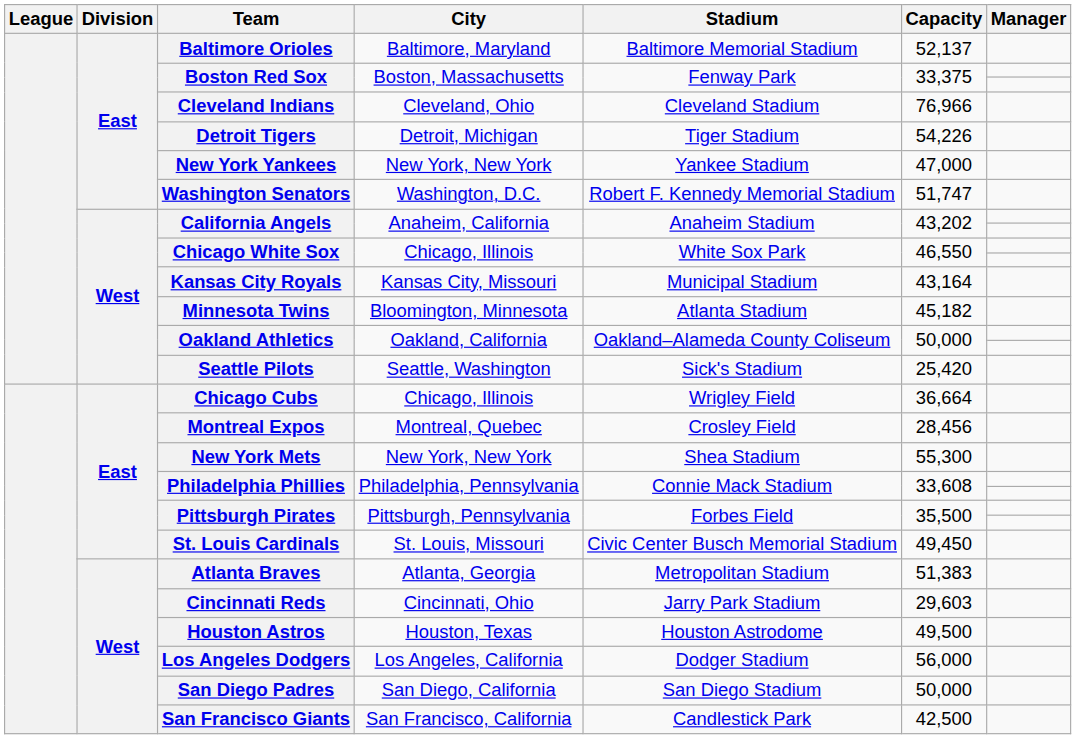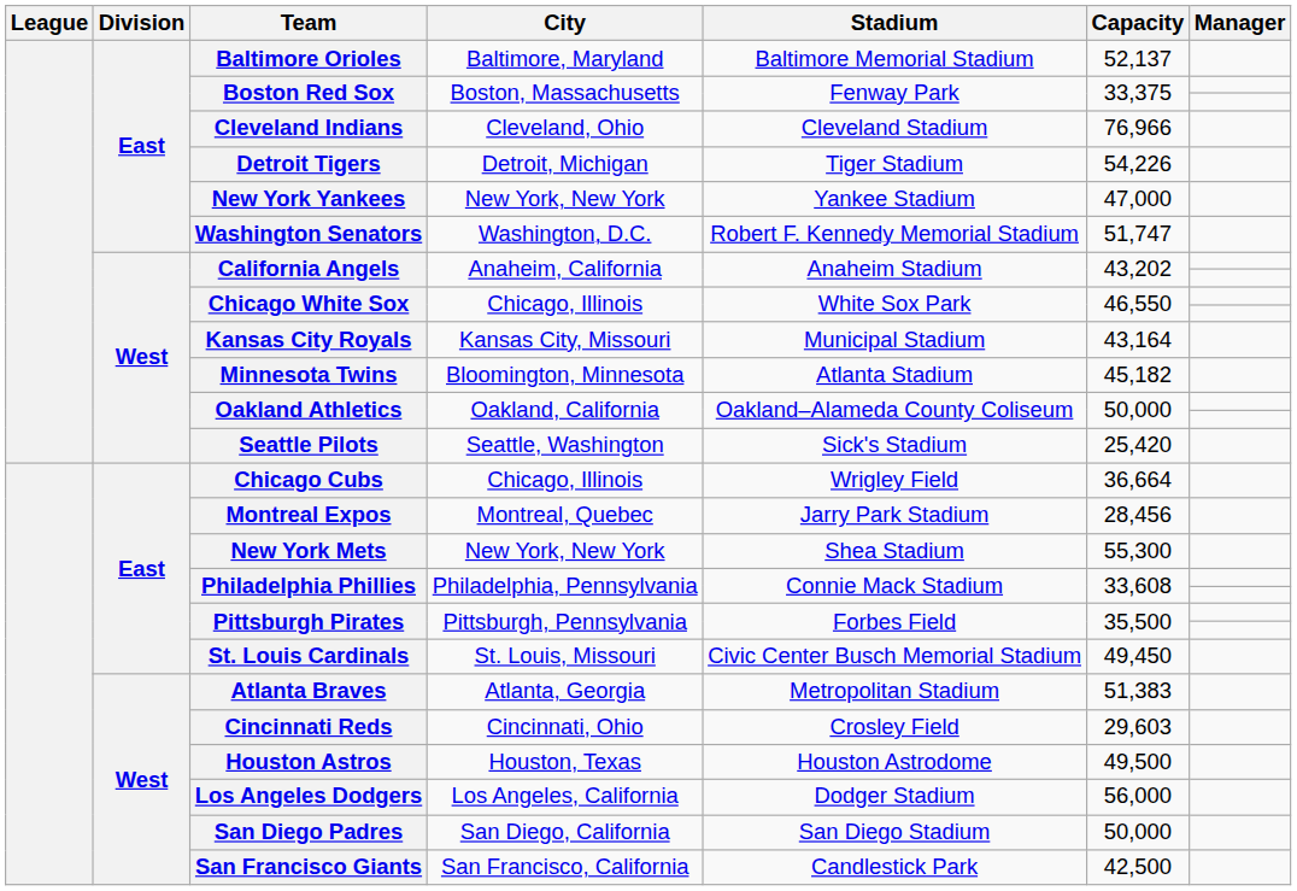 <table class="wikitable sortable plainrowheaders" style="text-align:center;">
 <tr>
 <th scope="col">League</th>
 <th scope="col">Division</th>
 <th scope="col">Team</th>
 <th scope="col">City</th>
 <th scope="col">Stadium</th>
 <th scope="col">Capacity</th>
 <th scope="col">Manager</th>
 </tr>
 <tr>
 <th rowspan="16"></th>
 <th rowspan="7"><a href='#'>East</a></th>
 <th scope="row"><a href='#'>Baltimore Orioles</a></th>
 <td><a href='#'>Baltimore, Maryland</a></td>
 <td><a href='#'>Baltimore Memorial Stadium</a></td>
 <td>52,137</td>
 <td></td>
 </tr>
 <tr>
 <th rowspan="2" scope="row"><a href='#'>Boston Red Sox</a></th>
 <td rowspan="2"><a href='#'>Boston, Massachusetts</a></td>
 <td rowspan="2"><a href='#'>Fenway Park</a></td>
 <td rowspan="2">33,375</td>
 <td></td>
 </tr>
 <tr>
 <td></td>
 </tr>
 <tr>
 <th scope="row"><a href='#'>Cleveland Indians</a></th>
 <td><a href='#'>Cleveland, Ohio</a></td>
 <td><a href='#'>Cleveland Stadium</a></td>
 <td>76,966</td>
 <td></td>
 </tr>
 <tr>
 <th scope="row"><a href='#'>Detroit Tigers</a></th>
 <td><a href='#'>Detroit, Michigan</a></td>
 <td><a href='#'>Tiger Stadium</a></td>
 <td>54,226</td>
 <td></td>
 </tr>
 <tr>
 <th scope="row"><a href='#'>New York Yankees</a></th>
 <td><a href='#'>New York, New York</a></td>
 <td><a href='#'>Yankee Stadium</a></td>
 <td>47,000</td>
 <td></td>
 </tr>
 <tr>
 <th scope="row"><a href='#'>Washington Senators</a></th>
 <td><a href='#'>Washington, D.C.</a></td>
 <td><a href='#'>Robert F. Kennedy Memorial Stadium</a></td>
 <td>51,747</td>
 <td></td>
 </tr>
 <tr>
 <th rowspan="9"><a href='#'>West</a></th>
 <th rowspan="2" scope="row"><a href='#'>California Angels</a></th>
 <td rowspan="2"><a href='#'>Anaheim, California</a></td>
 <td rowspan="2"><a href='#'>Anaheim Stadium</a></td>
 <td rowspan="2">43,202</td>
 <td></td>
 </tr>
 <tr>
 <td></td>
 </tr>
 <tr>
 <th rowspan="2" scope="row"><a href='#'>Chicago White Sox</a></th>
 <td rowspan="2"><a href='#'>Chicago, Illinois</a></td>
 <td rowspan="2"><a href='#'>White Sox Park</a></td>
 <td rowspan="2">46,550</td>
 <td></td>
 </tr>
 <tr>
 <td></td>
 </tr>
 <tr>
 <th scope="row"><a href='#'>Kansas City Royals</a></th>
 <td><a href='#'>Kansas City, Missouri</a></td>
 <td><a href='#'>Municipal Stadium</a></td>
 <td>43,164</td>
 <td></td>
 </tr>
 <tr>
 <th scope="row"><a href='#'>Minnesota Twins</a></th>
 <td><a href='#'>Bloomington, Minnesota</a></td>
 <td><a href='#'>Atlanta Stadium</a></td>
 <td>45,182</td>
 <td></td>
 </tr>
 <tr>
 <th rowspan="2" scope="row"><a href='#'>Oakland Athletics</a></th>
 <td rowspan="2"><a href='#'>Oakland, California</a></td>
 <td rowspan="2"><a href='#'>Oakland–Alameda County Coliseum</a></td>
 <td rowspan="2">50,000</td>
 <td></td>
 </tr>
 <tr>
 <td></td>
 </tr>
 <tr>
 <th scope="row"><a href='#'>Seattle Pilots</a></th>
 <td><a href='#'>Seattle, Washington</a></td>
 <td><a href='#'>Sick's Stadium</a></td>
 <td>25,420</td>
 <td></td>
 </tr>
 <tr>
 <th rowspan="14"></th>
 <th rowspan="8"><a href='#'>East</a></th>
 <th scope="row"><a href='#'>Chicago Cubs</a></th>
 <td><a href='#'>Chicago, Illinois</a></td>
 <td><a href='#'>Wrigley Field</a></td>
 <td>36,664</td>
 <td></td>
 </tr>
 <tr>
 <th scope="row"><a href='#'>Montreal Expos</a></th>
 <td><a href='#'>Montreal, Quebec</a></td>
-<td><a href='#'>Crosley Field</a></td>
+<td><a href='#'>Jarry Park Stadium</a></td>
 <td>28,456</td>
 <td></td>
 </tr>
 <tr>
 <th scope="row"><a href='#'>New York Mets</a></th>
 <td><a href='#'>New York, New York</a></td>
 <td><a href='#'>Shea Stadium</a></td>
 <td>55,300</td>
 <td></td>
 </tr>
 <tr>
 <th rowspan="2" scope="row"><a href='#'>Philadelphia Phillies</a></th>
 <td rowspan="2"><a href='#'>Philadelphia, Pennsylvania</a></td>
 <td rowspan="2"><a href='#'>Connie Mack Stadium</a></td>
 <td rowspan="2">33,608</td>
 <td></td>
 </tr>
 <tr>
 <td></td>
 </tr>
 <tr>
 <th rowspan="2" scope="row"><a href='#'>Pittsburgh Pirates</a></th>
 <td rowspan="2"><a href='#'>Pittsburgh, Pennsylvania</a></td>
 <td rowspan="2"><a href='#'>Forbes Field</a></td>
 <td rowspan="2">35,500</td>
 <td></td>
 </tr>
 <tr>
 <td></td>
 </tr>
 <tr>
 <th scope="row"><a href='#'>St. Louis Cardinals</a></th>
 <td><a href='#'>St. Louis, Missouri</a></td>
 <td><a href='#'>Civic Center Busch Memorial Stadium</a></td>
 <td>49,450</td>
 <td></td>
 </tr>
 <tr>
 <th rowspan="6"><a href='#'>West</a></th>
 <th scope="row"><a href='#'>Atlanta Braves</a></th>
 <td><a href='#'>Atlanta, Georgia</a></td>
 <td><a href='#'>Metropolitan Stadium</a></td>
 <td>51,383</td>
 <td></td>
 </tr>
 <tr>
 <th scope="row"><a href='#'>Cincinnati Reds</a></th>
 <td><a href='#'>Cincinnati, Ohio</a></td>
-<td><a href='#'>Jarry Park Stadium</a></td>
+<td><a href='#'>Crosley Field</a></td>
 <td>29,603</td>
 <td></td>
 </tr>
 <tr>
 <th scope="row"><a href='#'>Houston Astros</a></th>
 <td><a href='#'>Houston, Texas</a></td>
 <td><a href='#'>Houston Astrodome</a></td>
 <td>49,500</td>
 <td></td>
 </tr>
 <tr>
 <th scope="row"><a href='#'>Los Angeles Dodgers</a></th>
 <td><a href='#'>Los Angeles, California</a></td>
 <td><a href='#'>Dodger Stadium</a></td>
 <td>56,000</td>
 <td></td>
 </tr>
 <tr>
 <th scope="row"><a href='#'>San Diego Padres</a></th>
 <td><a href='#'>San Diego, California</a></td>
 <td><a href='#'>San Diego Stadium</a></td>
 <td>50,000</td>
 <td></td>
 </tr>
 <tr>
 <th scope="row"><a href='#'>San Francisco Giants</a></th>
 <td><a href='#'>San Francisco, California</a></td>
 <td><a href='#'>Candlestick Park</a></td>
 <td>42,500</td>
 <td></td>
 </tr>
 </table>
